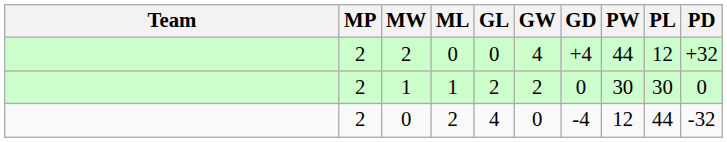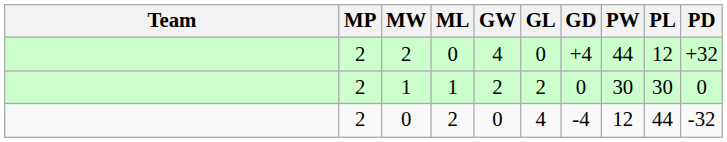 <table class=wikitable style="text-align:center">
 <tr>
 <th width=250>Team</th>
 <th width=20>MP</th>
 <th width=20>MW</th>
 <th width=20>ML</th>
+<th width=20>GW</th>
 <th width=20>GL</th>
-<th width=20>GW</th>
 <th width=20>GD</th>
 <th width=20>PW</th>
 <th width=20>PL</th>
 <th width=20>PD</th>
 </tr>
 <tr style="background:#cfc;">
 <td align=left><br></td>
 <td>2</td>
 <td>2</td>
 <td>0</td>
+<td>4</td>
 <td>0</td>
-<td>4</td>
 <td>+4</td>
 <td>44</td>
 <td>12</td>
 <td>+32</td>
 </tr>
 <tr style="background:#cfc;">
 <td align=left><br></td>
 <td>2</td>
 <td>1</td>
 <td>1</td>
 <td>2</td>
 <td>2</td>
 <td>0</td>
 <td>30</td>
 <td>30</td>
 <td>0</td>
 </tr>
 <tr>
 <td align=left><br></td>
 <td>2</td>
 <td>0</td>
 <td>2</td>
+<td>0</td>
 <td>4</td>
-<td>0</td>
 <td>-4</td>
 <td>12</td>
 <td>44</td>
 <td>-32</td>
 </tr>
 </table>
